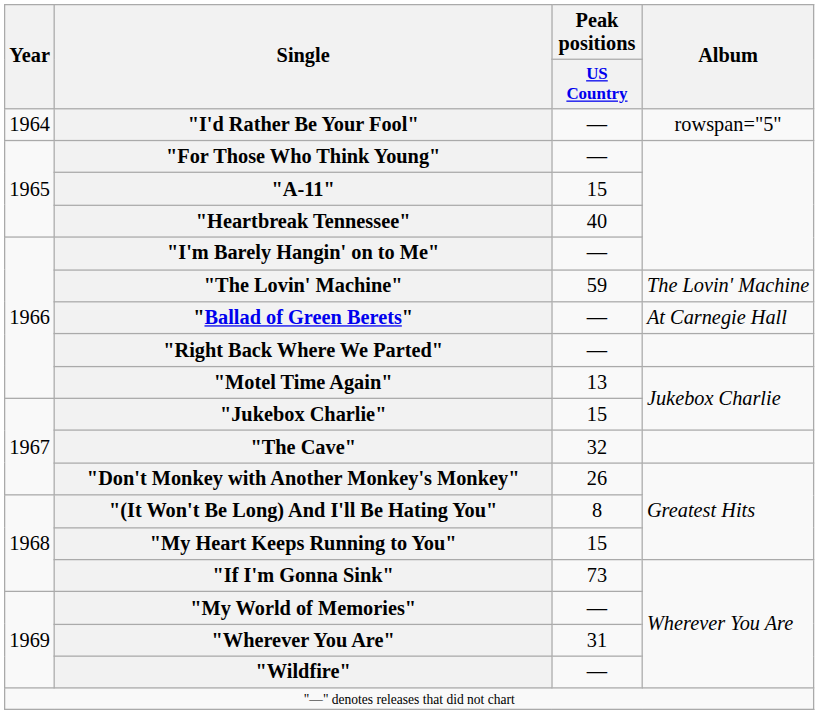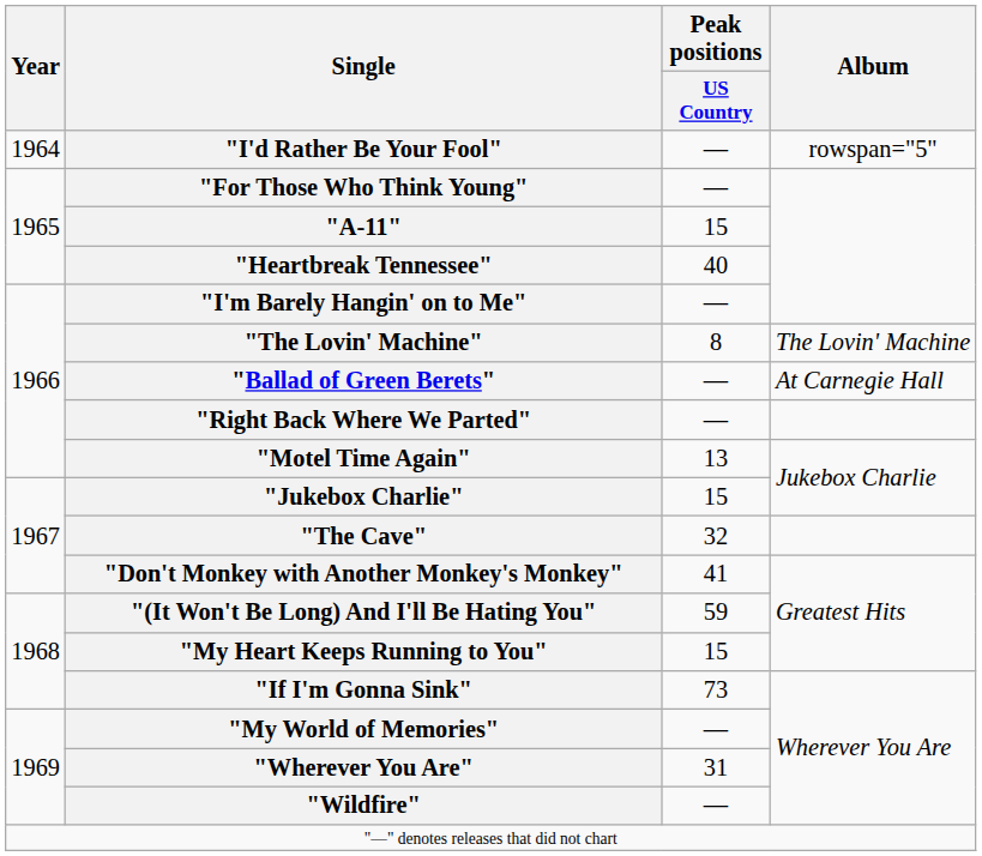 <table class="wikitable plainrowheaders" style="text-align:center;">
 <tr>
 <th rowspan="2">Year</th>
 <th rowspan="2" style="width:24em;">Single</th>
 <th>Peak positions</th>
 <th rowspan="2">Album</th>
 </tr>
 <tr style="font-size:smaller;">
 <th style="width:65px;"><a href='#'>US Country</a></th>
 </tr>
 <tr>
 <td>1964</td>
 <th scope="row">"I'd Rather Be Your Fool"</th>
 <td>—</td>
 <td>rowspan="5" </td>
 </tr>
 <tr>
 <td rowspan="3">1965</td>
 <th scope="row">"For Those Who Think Young"</th>
 <td>—</td>
 </tr>
 <tr>
 <th scope="row">"A-11"</th>
 <td>15</td>
 </tr>
 <tr>
 <th scope="row">"Heartbreak Tennessee"</th>
 <td>40</td>
 </tr>
 <tr>
 <td rowspan="5">1966</td>
 <th scope="row">"I'm Barely Hangin' on to Me"</th>
 <td>—</td>
 </tr>
 <tr>
 <th scope="row">"The Lovin' Machine"</th>
-<td>59</td>
+<td>8</td>
 <td align="left"><em>The Lovin' Machine</em></td>
 </tr>
 <tr>
 <th scope="row">"<a href='#'>Ballad of Green Berets</a>"</th>
 <td>—</td>
 <td align="left"><em>At Carnegie Hall</em></td>
 </tr>
 <tr>
 <th scope="row">"Right Back Where We Parted"</th>
 <td>—</td>
 <td></td>
 </tr>
 <tr>
 <th scope="row">"Motel Time Again"</th>
 <td>13</td>
 <td align="left" rowspan="2"><em>Jukebox Charlie</em></td>
 </tr>
 <tr>
 <td rowspan="3">1967</td>
 <th scope="row">"Jukebox Charlie"</th>
 <td>15</td>
 </tr>
 <tr>
 <th scope="row">"The Cave"</th>
 <td>32</td>
 <td></td>
 </tr>
 <tr>
 <th scope="row">"Don't Monkey with Another Monkey's Monkey"</th>
-<td>26</td>
+<td>41</td>
 <td align="left" rowspan="3"><em>Greatest Hits</em></td>
 </tr>
 <tr>
 <td rowspan="3">1968</td>
 <th scope="row">"(It Won't Be Long) And I'll Be Hating You"</th>
-<td>8</td>
+<td>59</td>
 </tr>
 <tr>
 <th scope="row">"My Heart Keeps Running to You"</th>
 <td>15</td>
 </tr>
 <tr>
 <th scope="row">"If I'm Gonna Sink"</th>
 <td>73</td>
 <td align="left" rowspan="4"><em>Wherever You Are</em></td>
 </tr>
 <tr>
 <td rowspan="3">1969</td>
 <th scope="row">"My World of Memories"</th>
 <td>—</td>
 </tr>
 <tr>
 <th scope="row">"Wherever You Are"</th>
 <td>31</td>
 </tr>
 <tr>
 <th scope="row">"Wildfire"</th>
 <td>—</td>
 </tr>
 <tr>
 <td colspan="4" style="font-size:8pt">"—" denotes releases that did not chart</td>
 </tr>
 <tr>
 </tr>
 </table>
